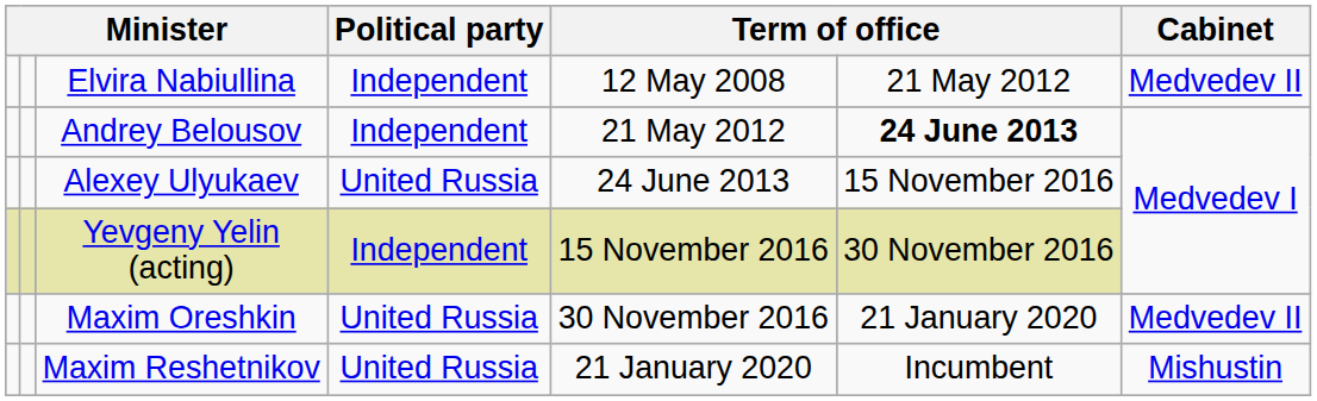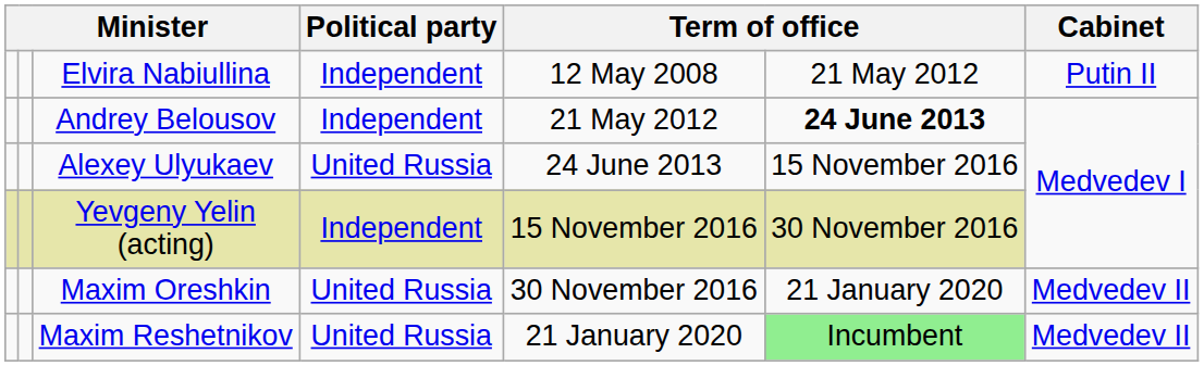 <table class="wikitable" style="text-align:center;">
 <tr>
 <th colspan=3>Minister</th>
 <th>Political party</th>
 <th colspan=2>Term of office</th>
 <th colspan=2>Cabinet</th>
 </tr>
 <tr>
 <td style="background: "></td>
 <td></td>
 <td><a href='#'>Elvira Nabiullina</a></td>
 <td><a href='#'>Independent</a></td>
 <td>12 May 2008</td>
 <td>21 May 2012</td>
-<td><a href='#'>Medvedev II</a></td>
+<td><a href='#'>Putin II</a></td>
 </tr>
 <tr>
 <td style="background: "></td>
 <td></td>
 <td><a href='#'>Andrey Belousov</a></td>
 <td><a href='#'>Independent</a></td>
 <td>21 May 2012</td>
 <td><strong>24 June 2013</strong></td>
 <td rowspan=4><a href='#'>Medvedev I</a></td>
 </tr>
 <tr>
 <td style="background: "></td>
 <td></td>
 <td><a href='#'>Alexey Ulyukaev</a></td>
 <td><a href='#'>United Russia</a></td>
 <td>24 June 2013</td>
 <td>15 November 2016</td>
 </tr>
 <tr bgcolor=#E6E6AA>
 <td style="background: "></td>
 <td></td>
 <td><a href='#'>Yevgeny Yelin</a><br>(acting)</td>
 <td><a href='#'>Independent</a></td>
 <td>15 November 2016</td>
 <td>30 November 2016</td>
 </tr>
 <tr>
 <td rowspan=2 style="background: "></td>
 <td rowspan=2></td>
 <td rowspan=2><a href='#'>Maxim Oreshkin</a></td>
 <td rowspan=2><a href='#'>United Russia</a></td>
 <td rowspan=2>30 November 2016</td>
 <td rowspan=2>21 January 2020</td>
 </tr>
 <tr>
 <td><a href='#'>Medvedev II</a></td>
 </tr>
 <tr>
 <td style="background: "></td>
 <td></td>
 <td><a href='#'>Maxim Reshetnikov</a></td>
 <td><a href='#'>United Russia</a></td>
 <td>21 January 2020</td>
-<td>Incumbent</td>
-<td><a href='#'>Mishustin</a></td>
+<td style="background: lightgreen;">Incumbent</td>
+<td><a href='#'>Medvedev II</a></td>
 </tr>
 </table>
